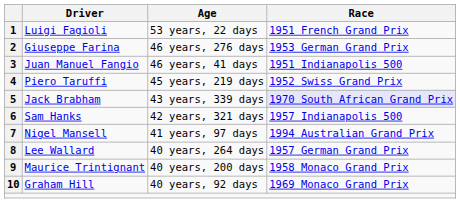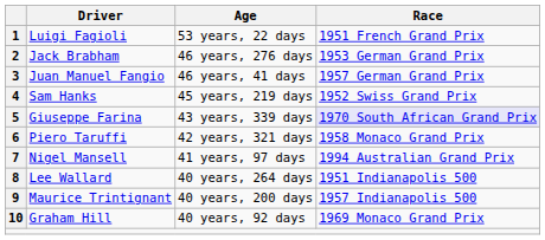 <table class="wikitable">
 <tr>
 <th></th>
 <th>Driver</th>
 <th>Age</th>
 <th>Race</th>
 </tr>
 <tr>
 <th>1</th>
 <td> <a href='#'>Luigi Fagioli</a></td>
 <td>53 years, 22 days</td>
 <td><a href='#'>1951 French Grand Prix</a></td>
 </tr>
 <tr>
 <th>2</th>
-<td> <a href='#'>Giuseppe Farina</a></td>
+<td> <a href='#'>Jack Brabham</a></td>
 <td>46 years, 276 days</td>
 <td><a href='#'>1953 German Grand Prix</a></td>
 </tr>
 <tr>
 <th>3</th>
 <td> <a href='#'>Juan Manuel Fangio</a></td>
 <td>46 years, 41 days</td>
-<td><a href='#'>1951 Indianapolis 500</a></td>
+<td><a href='#'>1957 German Grand Prix</a></td>
 </tr>
 <tr>
 <th>4</th>
-<td> <a href='#'>Piero Taruffi</a></td>
+<td> <a href='#'>Sam Hanks</a></td>
 <td>45 years, 219 days</td>
 <td><a href='#'>1952 Swiss Grand Prix</a></td>
 </tr>
 <tr>
 <th>5</th>
-<td> <a href='#'>Jack Brabham</a></td>
+<td> <a href='#'>Giuseppe Farina</a></td>
 <td>43 years, 339 days</td>
 <td style="background: lavender;"><a href='#'>1970 South African Grand Prix</a></td>
 </tr>
 <tr>
 <th>6</th>
-<td> <a href='#'>Sam Hanks</a></td>
+<td> <a href='#'>Piero Taruffi</a></td>
 <td>42 years, 321 days</td>
-<td><a href='#'>1957 Indianapolis 500</a></td>
+<td><a href='#'>1958 Monaco Grand Prix</a></td>
 </tr>
 <tr>
 <th>7</th>
 <td> <a href='#'>Nigel Mansell</a></td>
 <td>41 years, 97 days</td>
 <td><a href='#'>1994 Australian Grand Prix</a></td>
 </tr>
 <tr>
 <th>8</th>
 <td> <a href='#'>Lee Wallard</a></td>
 <td>40 years, 264 days</td>
-<td><a href='#'>1957 German Grand Prix</a></td>
+<td><a href='#'>1951 Indianapolis 500</a></td>
 </tr>
 <tr>
 <th>9</th>
 <td> <a href='#'>Maurice Trintignant</a></td>
 <td>40 years, 200 days</td>
-<td><a href='#'>1958 Monaco Grand Prix</a></td>
+<td><a href='#'>1957 Indianapolis 500</a></td>
 </tr>
 <tr>
 <th>10</th>
 <td> <a href='#'>Graham Hill</a></td>
 <td>40 years, 92 days</td>
 <td><a href='#'>1969 Monaco Grand Prix</a></td>
 </tr>
 <tr>
 <td colspan=4></td>
 </tr>
 </table>
